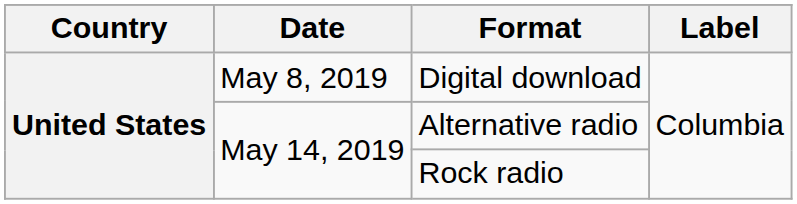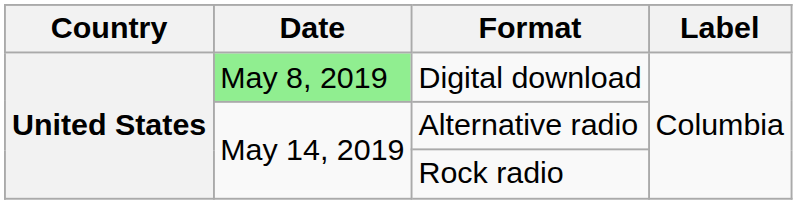 <table class="wikitable plainrowheaders">
 <tr>
 <th scope="col">Country</th>
 <th scope="col">Date</th>
 <th scope="col">Format</th>
 <th scope="col">Label</th>
 </tr>
 <tr>
 <th scope="row" rowspan="3">United States</th>
-<td>May 8, 2019</td>
+<td style="background: lightgreen;">May 8, 2019</td>
 <td>Digital download</td>
 <td rowspan="3">Columbia</td>
 </tr>
 <tr>
 <td rowspan="2">May 14, 2019</td>
 <td>Alternative radio</td>
 </tr>
 <tr>
 <td>Rock radio</td>
 </tr>
 </table>
